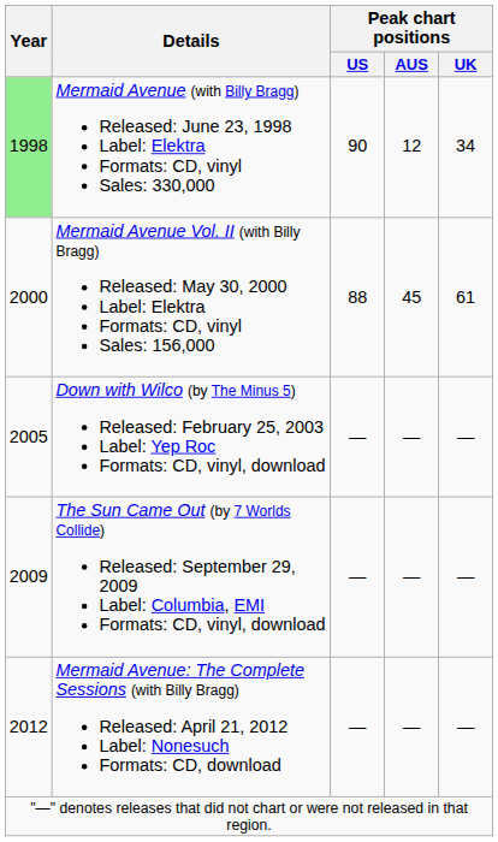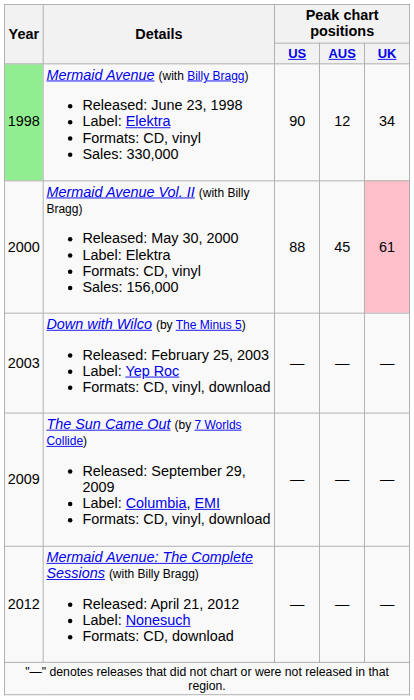 <table class="wikitable" style="text-align:center">
 <tr>
 <th rowspan="2" width=10>Year</th>
 <th rowspan="2" width=250>Details</th>
 <th colspan="3">Peak chart positions</th>
 </tr>
 <tr>
 <th style="width:3em;font-size:90%"><a href='#'>US</a><br></th>
 <th style="width:3em;font-size:90%"><a href='#'>AUS</a><br></th>
 <th style="width:3em;font-size:90%"><a href='#'>UK</a><br></th>
 </tr>
 <tr>
 <td style="background: lightgreen;">1998</td>
 <td align="left"><em><a href='#'>Mermaid Avenue</a></em> <small>(with <a href='#'>Billy Bragg</a>)</small><br><ul><li>Released: June 23, 1998</li><li>Label: <a href='#'>Elektra</a></li><li>Formats: CD, vinyl</li><li>Sales: 330,000</li></ul></td>
 <td>90</td>
 <td>12</td>
 <td>34</td>
 </tr>
 <tr>
 <td>2000</td>
 <td align="left"><em><a href='#'>Mermaid Avenue Vol. II</a></em> <small>(with Billy Bragg)</small><br><ul><li>Released: May 30, 2000</li><li>Label: Elektra</li><li>Formats: CD, vinyl</li><li>Sales: 156,000</li></ul></td>
 <td>88</td>
 <td>45</td>
-<td>61</td>
+<td style="background: pink;">61</td>
 </tr>
 <tr>
-<td>2005</td>
+<td>2003</td>
 <td align="left"><em><a href='#'>Down with Wilco</a></em> <small>(by <a href='#'>The Minus 5</a>)</small><br><ul><li>Released: February 25, 2003</li><li>Label: <a href='#'>Yep Roc</a></li><li>Formats: CD, vinyl, download</li></ul></td>
 <td>—</td>
 <td>—</td>
 <td>—</td>
 </tr>
 <tr>
 <td>2009</td>
 <td align="left"><em><a href='#'>The Sun Came Out</a></em> <small>(by <a href='#'>7 Worlds Collide</a>)</small><br><ul><li>Released: September 29, 2009</li><li>Label: <a href='#'>Columbia</a>, <a href='#'>EMI</a></li><li>Formats: CD, vinyl, download</li></ul></td>
 <td>—</td>
 <td>—</td>
 <td>—</td>
 </tr>
 <tr>
 <td>2012</td>
 <td align="left"><em><a href='#'>Mermaid Avenue: The Complete Sessions</a></em> <small>(with Billy Bragg)</small><br><ul><li>Released: April 21, 2012</li><li>Label: <a href='#'>Nonesuch</a></li><li>Formats: CD, download</li></ul></td>
 <td>—</td>
 <td>—</td>
 <td>—</td>
 </tr>
 <tr>
 <td colspan="18" style="font-size: 85%">"—" denotes releases that did not chart or were not released in that region.</td>
 </tr>
 </table>
